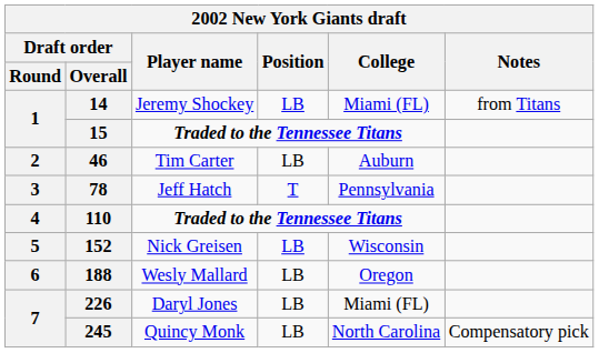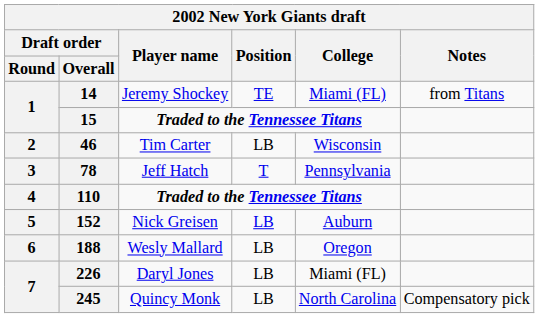 <table class="wikitable" style="text-align:center">
 <tr>
 <th colspan="6">2002 New York Giants draft</th>
 </tr>
 <tr>
 <th colspan="2">Draft order</th>
 <th rowspan="2">Player name</th>
 <th rowspan="2">Position</th>
 <th rowspan="2">College</th>
 <th rowspan="2">Notes</th>
 </tr>
 <tr>
 <th>Round</th>
 <th>Overall</th>
 </tr>
 <tr>
 <th rowspan="2">1</th>
 <th>14</th>
 <td><a href='#'>Jeremy Shockey</a></td>
-<td><a href='#'>LB</a></td>
+<td><a href='#'>TE</a></td>
 <td><a href='#'>Miami (FL)</a></td>
 <td>from <a href='#'>Titans</a></td>
 </tr>
 <tr>
 <th>15</th>
 <td colspan="3"><strong><em>Traded to the <a href='#'>Tennessee Titans</a></em></strong></td>
 <td></td>
 </tr>
 <tr>
 <th>2</th>
 <th>46</th>
 <td><a href='#'>Tim Carter</a></td>
 <td>LB</td>
-<td><a href='#'>Auburn</a></td>
+<td><a href='#'>Wisconsin</a></td>
 <td></td>
 </tr>
 <tr>
 <th>3</th>
 <th>78</th>
 <td><a href='#'>Jeff Hatch</a></td>
 <td><a href='#'>T</a></td>
 <td><a href='#'>Pennsylvania</a></td>
 <td></td>
 </tr>
 <tr>
 <th>4</th>
 <th>110</th>
 <td colspan="3"><strong><em>Traded to the <a href='#'>Tennessee Titans</a></em></strong></td>
 <td></td>
 </tr>
 <tr>
 <th>5</th>
 <th>152</th>
 <td><a href='#'>Nick Greisen</a></td>
 <td><a href='#'>LB</a></td>
-<td><a href='#'>Wisconsin</a></td>
+<td><a href='#'>Auburn</a></td>
 <td></td>
 </tr>
 <tr>
 <th>6</th>
 <th>188</th>
 <td><a href='#'>Wesly Mallard</a></td>
 <td>LB</td>
 <td><a href='#'>Oregon</a></td>
 <td></td>
 </tr>
 <tr>
 <th rowspan="2">7</th>
 <th>226</th>
 <td><a href='#'>Daryl Jones</a></td>
 <td>LB</td>
 <td>Miami (FL)</td>
 <td></td>
 </tr>
 <tr>
 <th>245</th>
 <td><a href='#'>Quincy Monk</a></td>
 <td>LB</td>
 <td><a href='#'>North Carolina</a></td>
 <td>Compensatory pick</td>
 </tr>
 </table>
